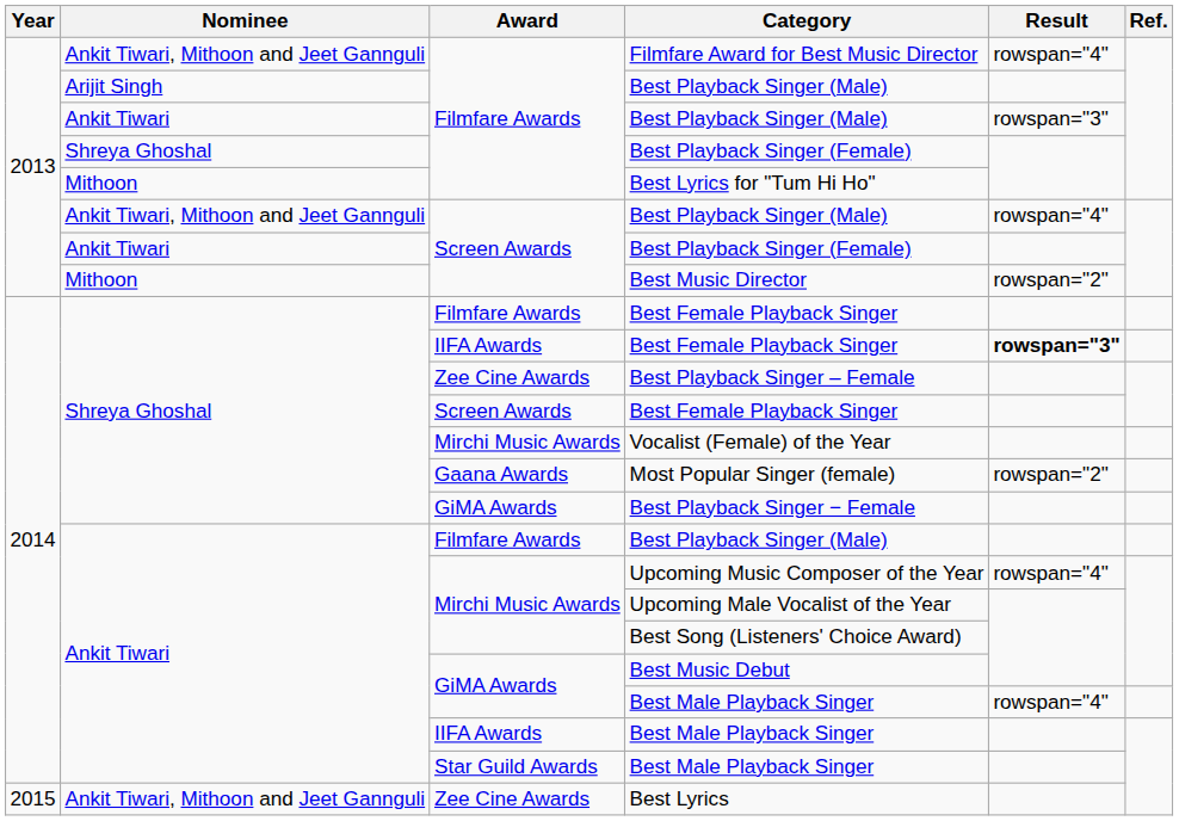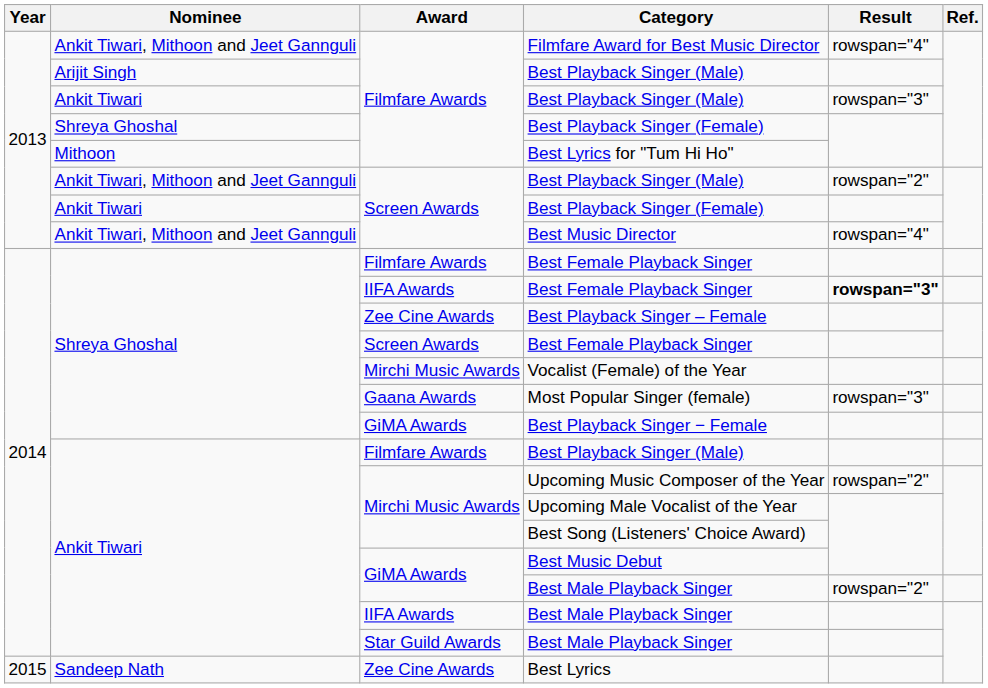 <table class="wikitable sortable">
 <tr>
 <th>Year</th>
 <th>Nominee</th>
 <th>Award</th>
 <th>Category</th>
 <th>Result</th>
 <th>Ref.</th>
 </tr>
 <tr>
 <td rowspan="8">2013</td>
 <td><a href='#'>Ankit Tiwari</a>, <a href='#'>Mithoon</a> and <a href='#'>Jeet Gannguli</a></td>
 <td rowspan="5"><a href='#'>Filmfare Awards</a></td>
 <td><a href='#'>Filmfare Award for Best Music Director</a></td>
 <td>rowspan="4" </td>
 <td rowspan="5"></td>
 </tr>
 <tr>
 <td><a href='#'>Arijit Singh</a></td>
 <td><a href='#'>Best Playback Singer (Male)</a></td>
 </tr>
 <tr>
 <td><a href='#'>Ankit Tiwari</a></td>
 <td><a href='#'>Best Playback Singer (Male)</a></td>
 <td>rowspan="3" </td>
 </tr>
 <tr>
 <td><a href='#'>Shreya Ghoshal</a></td>
 <td><a href='#'>Best Playback Singer (Female)</a></td>
 </tr>
 <tr>
 <td><a href='#'>Mithoon</a></td>
 <td><a href='#'>Best Lyrics</a> for "Tum Hi Ho"</td>
 </tr>
 <tr>
 <td><a href='#'>Ankit Tiwari</a>, <a href='#'>Mithoon</a> and <a href='#'>Jeet Gannguli</a></td>
 <td rowspan="3"><a href='#'>Screen Awards</a></td>
 <td><a href='#'>Best Playback Singer (Male)</a></td>
-<td>rowspan="4" </td>
+<td>rowspan="2" </td>
 <td rowspan="3"></td>
 </tr>
 <tr>
 <td><a href='#'>Ankit Tiwari</a></td>
 <td><a href='#'>Best Playback Singer (Female)</a></td>
 </tr>
 <tr>
-<td><a href='#'>Mithoon</a></td>
+<td><a href='#'>Ankit Tiwari</a>, <a href='#'>Mithoon</a> and <a href='#'>Jeet Gannguli</a></td>
 <td><a href='#'>Best Music Director</a></td>
-<td>rowspan="2" </td>
+<td>rowspan="4" </td>
 </tr>
 <tr>
 <td rowspan="15">2014</td>
 <td rowspan="7"><a href='#'>Shreya Ghoshal</a></td>
 <td><a href='#'>Filmfare Awards</a></td>
 <td><a href='#'>Best Female Playback Singer</a></td>
 <td></td>
 </tr>
 <tr>
 <td><a href='#'>IIFA Awards</a></td>
 <td><a href='#'>Best Female Playback Singer</a></td>
 <td><strong>rowspan="3" </strong></td>
 <td></td>
 </tr>
 <tr>
 <td><a href='#'>Zee Cine Awards</a></td>
 <td><a href='#'>Best Playback Singer – Female</a></td>
 <td></td>
 </tr>
 <tr>
 <td><a href='#'>Screen Awards</a></td>
 <td><a href='#'>Best Female Playback Singer</a></td>
 <td></td>
 </tr>
 <tr>
 <td><a href='#'>Mirchi Music Awards</a></td>
 <td>Vocalist (Female) of the Year</td>
 <td></td>
 <td></td>
 </tr>
 <tr>
 <td><a href='#'>Gaana Awards</a></td>
 <td>Most Popular Singer (female)</td>
-<td>rowspan="2" </td>
+<td>rowspan="3" </td>
 <td></td>
 </tr>
 <tr>
 <td><a href='#'>GiMA Awards</a></td>
 <td><a href='#'>Best Playback Singer − Female</a></td>
 <td></td>
 </tr>
 <tr>
 <td rowspan="8"><a href='#'>Ankit Tiwari</a></td>
 <td><a href='#'>Filmfare Awards</a></td>
 <td><a href='#'>Best Playback Singer (Male)</a></td>
 <td></td>
 <td></td>
 </tr>
 <tr>
 <td rowspan="3"><a href='#'>Mirchi Music Awards</a></td>
 <td>Upcoming Music Composer of the Year</td>
-<td>rowspan="4" </td>
+<td>rowspan="2" </td>
 <td rowspan="4"></td>
 </tr>
 <tr>
 <td>Upcoming Male Vocalist of the Year</td>
 </tr>
 <tr>
 <td>Best Song (Listeners' Choice Award)</td>
 </tr>
 <tr>
 <td rowspan="2"><a href='#'>GiMA Awards</a></td>
 <td><a href='#'>Best Music Debut</a></td>
 </tr>
 <tr>
 <td><a href='#'>Best Male Playback Singer</a></td>
-<td>rowspan="4" </td>
+<td>rowspan="2" </td>
 <td></td>
 </tr>
 <tr>
 <td><a href='#'>IIFA Awards</a></td>
 <td><a href='#'>Best Male Playback Singer</a></td>
 <td></td>
 </tr>
 <tr>
 <td><a href='#'>Star Guild Awards</a></td>
 <td><a href='#'>Best Male Playback Singer</a></td>
 <td></td>
 </tr>
 <tr>
 <td>2015</td>
-<td><a href='#'>Ankit Tiwari</a>, <a href='#'>Mithoon</a> and <a href='#'>Jeet Gannguli</a></td>
+<td><a href='#'>Sandeep Nath</a></td>
 <td><a href='#'>Zee Cine Awards</a></td>
 <td>Best Lyrics</td>
 <td></td>
 </tr>
 </table>
